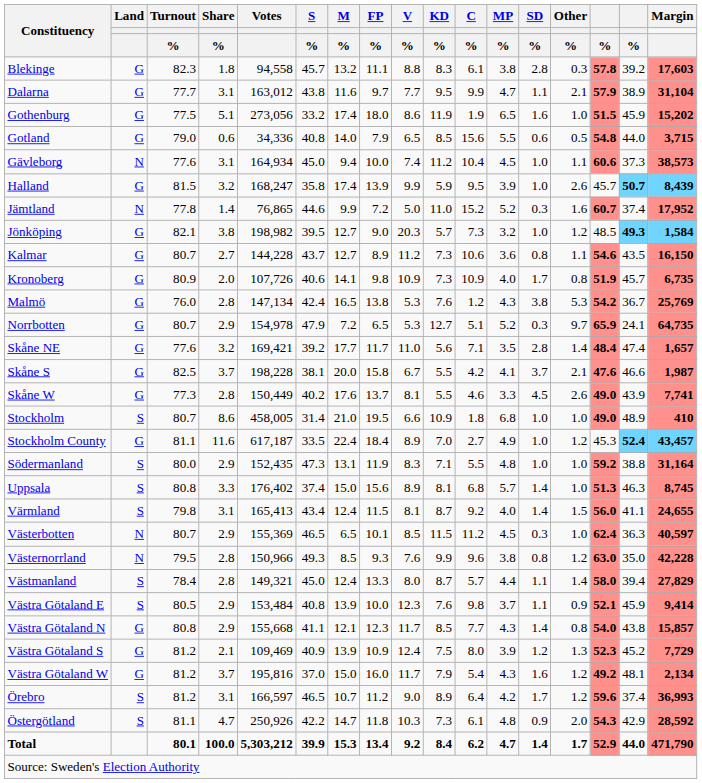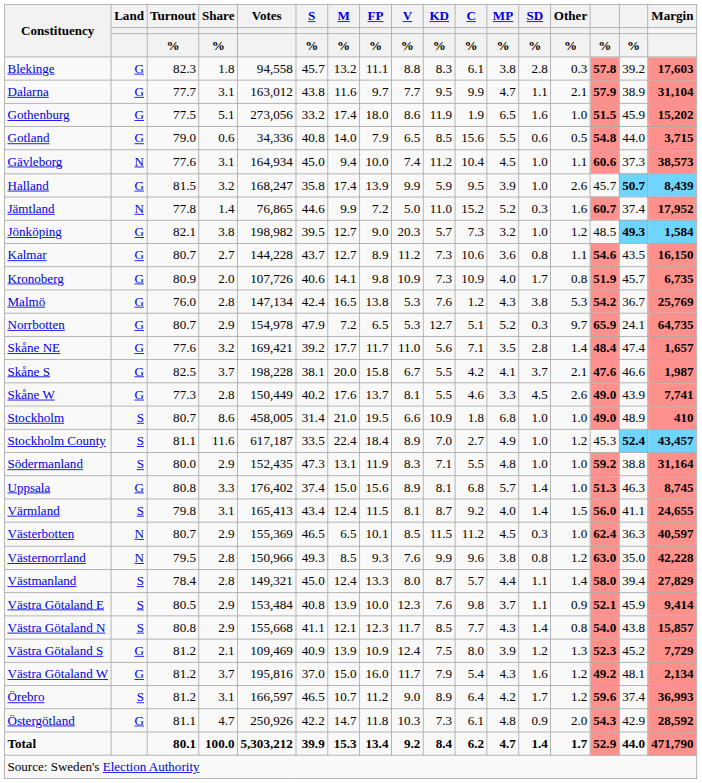 <table class="wikitable sortable" style="text-align:right; font-size:95%; line-height:20px;">
 <tr>
 <th rowspan="3">Constituency</th>
 <th>Land</th>
 <th>Turnout</th>
 <th>Share</th>
 <th>Votes</th>
 <th width="30px" class="unsortable"><a href='#'>S</a></th>
 <th width="30px" class="unsortable"><a href='#'>M</a></th>
 <th width="30px" class="unsortable"><a href='#'>FP</a></th>
 <th width="30px" class="unsortable"><a href='#'>V</a></th>
 <th width="30px" class="unsortable"><a href='#'>KD</a></th>
 <th width="30px" class="unsortable"><a href='#'>C</a></th>
 <th width="30px" class="unsortable"><a href='#'>MP</a></th>
 <th width="30px" class="unsortable"><a href='#'>SD</a></th>
 <th width="30px" class="unsortable">Other</th>
 <th></th>
 <th></th>
 <th>Margin</th>
 </tr>
 <tr>
 <th></th>
 <th></th>
 <th></th>
 <th></th>
 <th style="background:"></th>
 <th style="background:"></th>
 <th style="background:"></th>
 <th style="background:"></th>
 <th style="background:"></th>
 <th style="background:"></th>
 <th style="background:"></th>
 <th style="background:"></th>
 <th style="background:"></th>
 <th style="background:"></th>
 <th style="background:"></th>
 </tr>
 <tr>
 <th></th>
 <th data-sort-type="number">%</th>
 <th data-sort-type="number">%</th>
 <th></th>
 <th data-sort-type="number">%</th>
 <th data-sort-type="number">%</th>
 <th data-sort-type="number">%</th>
 <th data-sort-type="number">%</th>
 <th data-sort-type="number">%</th>
 <th data-sort-type="number">%</th>
 <th data-sort-type="number">%</th>
 <th data-sort-type="number">%</th>
 <th data-sort-type="number">%</th>
 <th data-sort-type="number">%</th>
 <th data-sort-type="number">%</th>
 <th data-sort-type="number"></th>
 </tr>
 <tr>
 <td align=left><a href='#'>Blekinge</a></td>
 <td><a href='#'>G</a></td>
 <td>82.3</td>
 <td>1.8</td>
 <td>94,558</td>
 <td>45.7</td>
 <td>13.2</td>
 <td>11.1</td>
 <td>8.8</td>
 <td>8.3</td>
 <td>6.1</td>
 <td>3.8</td>
 <td>2.8</td>
 <td>0.3</td>
 <td bgcolor=#ff908c><strong>57.8</strong></td>
 <td>39.2</td>
 <td bgcolor=#ff908c><strong>17,603</strong></td>
 </tr>
 <tr>
 <td align=left><a href='#'>Dalarna</a></td>
 <td><a href='#'>G</a></td>
 <td>77.7</td>
 <td>3.1</td>
 <td>163,012</td>
 <td>43.8</td>
 <td>11.6</td>
 <td>9.7</td>
 <td>7.7</td>
 <td>9.5</td>
 <td>9.9</td>
 <td>4.7</td>
 <td>1.1</td>
 <td>2.1</td>
 <td bgcolor=#ff908c><strong>57.9</strong></td>
 <td>38.9</td>
 <td bgcolor=#ff908c><strong>31,104</strong></td>
 </tr>
 <tr>
 <td align=left><a href='#'>Gothenburg</a></td>
 <td><a href='#'>G</a></td>
 <td>77.5</td>
 <td>5.1</td>
 <td>273,056</td>
 <td>33.2</td>
 <td>17.4</td>
 <td>18.0</td>
 <td>8.6</td>
 <td>11.9</td>
 <td>1.9</td>
 <td>6.5</td>
 <td>1.6</td>
 <td>1.0</td>
 <td bgcolor=#ff908c><strong>51.5</strong></td>
 <td>45.9</td>
 <td bgcolor=#ff908c><strong>15,202</strong></td>
 </tr>
 <tr>
 <td align=left><a href='#'>Gotland</a></td>
 <td><a href='#'>G</a></td>
 <td>79.0</td>
 <td>0.6</td>
 <td>34,336</td>
 <td>40.8</td>
 <td>14.0</td>
 <td>7.9</td>
 <td>6.5</td>
 <td>8.5</td>
 <td>15.6</td>
 <td>5.5</td>
 <td>0.6</td>
 <td>0.5</td>
 <td bgcolor=#ff908c><strong>54.8</strong></td>
 <td>44.0</td>
 <td bgcolor=#ff908c><strong>3,715</strong></td>
 </tr>
 <tr>
 <td align=left><a href='#'>Gävleborg</a></td>
 <td><a href='#'>N</a></td>
 <td>77.6</td>
 <td>3.1</td>
 <td>164,934</td>
 <td>45.0</td>
 <td>9.4</td>
 <td>10.0</td>
 <td>7.4</td>
 <td>11.2</td>
 <td>10.4</td>
 <td>4.5</td>
 <td>1.0</td>
 <td>1.1</td>
 <td bgcolor=#ff908c><strong>60.6</strong></td>
 <td>37.3</td>
 <td bgcolor=#ff908c><strong>38,573</strong></td>
 </tr>
 <tr>
 <td align=left><a href='#'>Halland</a></td>
 <td><a href='#'>G</a></td>
 <td>81.5</td>
 <td>3.2</td>
 <td>168,247</td>
 <td>35.8</td>
 <td>17.4</td>
 <td>13.9</td>
 <td>9.9</td>
 <td>5.9</td>
 <td>9.5</td>
 <td>3.9</td>
 <td>1.0</td>
 <td>2.6</td>
 <td>45.7</td>
 <td bgcolor=#6fd5fe><strong>50.7</strong></td>
 <td bgcolor=#6fd5fe><strong>8,439</strong></td>
 </tr>
 <tr>
 <td align=left><a href='#'>Jämtland</a></td>
 <td><a href='#'>N</a></td>
 <td>77.8</td>
 <td>1.4</td>
 <td>76,865</td>
 <td>44.6</td>
 <td>9.9</td>
 <td>7.2</td>
 <td>5.0</td>
 <td>11.0</td>
 <td>15.2</td>
 <td>5.2</td>
 <td>0.3</td>
 <td>1.6</td>
 <td bgcolor=#ff908c><strong>60.7</strong></td>
 <td>37.4</td>
 <td bgcolor=#ff908c><strong>17,952</strong></td>
 </tr>
 <tr>
 <td align=left><a href='#'>Jönköping</a></td>
 <td><a href='#'>G</a></td>
 <td>82.1</td>
 <td>3.8</td>
 <td>198,982</td>
 <td>39.5</td>
 <td>12.7</td>
 <td>9.0</td>
 <td>20.3</td>
 <td>5.7</td>
 <td>7.3</td>
 <td>3.2</td>
 <td>1.0</td>
 <td>1.2</td>
 <td>48.5</td>
 <td bgcolor=#6fd5fe><strong>49.3</strong></td>
 <td bgcolor=#6fd5fe><strong>1,584</strong></td>
 </tr>
 <tr>
 <td align=left><a href='#'>Kalmar</a></td>
 <td><a href='#'>G</a></td>
 <td>80.7</td>
 <td>2.7</td>
 <td>144,228</td>
 <td>43.7</td>
 <td>12.7</td>
 <td>8.9</td>
 <td>11.2</td>
 <td>7.3</td>
 <td>10.6</td>
 <td>3.6</td>
 <td>0.8</td>
 <td>1.1</td>
 <td bgcolor=#ff908c><strong>54.6</strong></td>
 <td>43.5</td>
 <td bgcolor=#ff908c><strong>16,150</strong></td>
 </tr>
 <tr>
 <td align=left><a href='#'>Kronoberg</a></td>
 <td><a href='#'>G</a></td>
 <td>80.9</td>
 <td>2.0</td>
 <td>107,726</td>
 <td>40.6</td>
 <td>14.1</td>
 <td>9.8</td>
 <td>10.9</td>
 <td>7.3</td>
 <td>10.9</td>
 <td>4.0</td>
 <td>1.7</td>
 <td>0.8</td>
 <td bgcolor=#ff908c><strong>51.9</strong></td>
 <td>45.7</td>
 <td bgcolor=#ff908c><strong>6,735</strong></td>
 </tr>
 <tr>
 <td align=left><a href='#'>Malmö</a></td>
 <td><a href='#'>G</a></td>
 <td>76.0</td>
 <td>2.8</td>
 <td>147,134</td>
 <td>42.4</td>
 <td>16.5</td>
 <td>13.8</td>
 <td>5.3</td>
 <td>7.6</td>
 <td>1.2</td>
 <td>4.3</td>
 <td>3.8</td>
 <td>5.3</td>
 <td bgcolor=#ff908c><strong>54.2</strong></td>
 <td>36.7</td>
 <td bgcolor=#ff908c><strong>25,769</strong></td>
 </tr>
 <tr>
 <td align=left><a href='#'>Norrbotten</a></td>
 <td><a href='#'>G</a></td>
 <td>80.7</td>
 <td>2.9</td>
 <td>154,978</td>
 <td>47.9</td>
 <td>7.2</td>
 <td>6.5</td>
 <td>5.3</td>
 <td>12.7</td>
 <td>5.1</td>
 <td>5.2</td>
 <td>0.3</td>
 <td>9.7</td>
 <td bgcolor=#ff908c><strong>65.9</strong></td>
 <td>24.1</td>
 <td bgcolor=#ff908c><strong>64,735</strong></td>
 </tr>
 <tr>
 <td align=left><a href='#'>Skåne NE</a></td>
 <td><a href='#'>G</a></td>
 <td>77.6</td>
 <td>3.2</td>
 <td>169,421</td>
 <td>39.2</td>
 <td>17.7</td>
 <td>11.7</td>
 <td>11.0</td>
 <td>5.6</td>
 <td>7.1</td>
 <td>3.5</td>
 <td>2.8</td>
 <td>1.4</td>
 <td bgcolor=#ff908c><strong>48.4</strong></td>
 <td>47.4</td>
 <td bgcolor=#ff908c><strong>1,657</strong></td>
 </tr>
 <tr>
 <td align=left><a href='#'>Skåne S</a></td>
 <td><a href='#'>G</a></td>
 <td>82.5</td>
 <td>3.7</td>
 <td>198,228</td>
 <td>38.1</td>
 <td>20.0</td>
 <td>15.8</td>
 <td>6.7</td>
 <td>5.5</td>
 <td>4.2</td>
 <td>4.1</td>
 <td>3.7</td>
 <td>2.1</td>
 <td bgcolor=#ff908c><strong>47.6</strong></td>
 <td>46.6</td>
 <td bgcolor=#ff908c><strong>1,987</strong></td>
 </tr>
 <tr>
 <td align=left><a href='#'>Skåne W</a></td>
 <td><a href='#'>G</a></td>
 <td>77.3</td>
 <td>2.8</td>
 <td>150,449</td>
 <td>40.2</td>
 <td>17.6</td>
 <td>13.7</td>
 <td>8.1</td>
 <td>5.5</td>
 <td>4.6</td>
 <td>3.3</td>
 <td>4.5</td>
 <td>2.6</td>
 <td bgcolor=#ff908c><strong>49.0</strong></td>
 <td>43.9</td>
 <td bgcolor=#ff908c><strong>7,741</strong></td>
 </tr>
 <tr>
 <td align=left><a href='#'>Stockholm</a></td>
 <td><a href='#'>S</a></td>
 <td>80.7</td>
 <td>8.6</td>
 <td>458,005</td>
 <td>31.4</td>
 <td>21.0</td>
 <td>19.5</td>
 <td>6.6</td>
 <td>10.9</td>
 <td>1.8</td>
 <td>6.8</td>
 <td>1.0</td>
 <td>1.0</td>
 <td bgcolor=#ff908c><strong>49.0</strong></td>
 <td>48.9</td>
 <td bgcolor=#ff908c><strong>410</strong></td>
 </tr>
 <tr>
 <td align=left><a href='#'>Stockholm County</a></td>
-<td><a href='#'>G</a></td>
+<td><a href='#'>S</a></td>
 <td>81.1</td>
 <td>11.6</td>
 <td>617,187</td>
 <td>33.5</td>
 <td>22.4</td>
 <td>18.4</td>
 <td>8.9</td>
 <td>7.0</td>
 <td>2.7</td>
 <td>4.9</td>
 <td>1.0</td>
 <td>1.2</td>
 <td>45.3</td>
 <td bgcolor=#6fd5fe><strong>52.4</strong></td>
 <td bgcolor=#6fd5fe><strong>43,457</strong></td>
 </tr>
 <tr>
 <td align=left><a href='#'>Södermanland</a></td>
 <td><a href='#'>S</a></td>
 <td>80.0</td>
 <td>2.9</td>
 <td>152,435</td>
 <td>47.3</td>
 <td>13.1</td>
 <td>11.9</td>
 <td>8.3</td>
 <td>7.1</td>
 <td>5.5</td>
 <td>4.8</td>
 <td>1.0</td>
 <td>1.0</td>
 <td bgcolor=#ff908c><strong>59.2</strong></td>
 <td>38.8</td>
 <td bgcolor=#ff908c><strong>31,164</strong></td>
 </tr>
 <tr>
 <td align=left><a href='#'>Uppsala</a></td>
-<td><a href='#'>S</a></td>
+<td><a href='#'>G</a></td>
 <td>80.8</td>
 <td>3.3</td>
 <td>176,402</td>
 <td>37.4</td>
 <td>15.0</td>
 <td>15.6</td>
 <td>8.9</td>
 <td>8.1</td>
 <td>6.8</td>
 <td>5.7</td>
 <td>1.4</td>
 <td>1.0</td>
 <td bgcolor=#ff908c><strong>51.3</strong></td>
 <td>46.3</td>
 <td bgcolor=#ff908c><strong>8,745</strong></td>
 </tr>
 <tr>
 <td align=left><a href='#'>Värmland</a></td>
 <td><a href='#'>S</a></td>
 <td>79.8</td>
 <td>3.1</td>
 <td>165,413</td>
 <td>43.4</td>
 <td>12.4</td>
 <td>11.5</td>
 <td>8.1</td>
 <td>8.7</td>
 <td>9.2</td>
 <td>4.0</td>
 <td>1.4</td>
 <td>1.5</td>
 <td bgcolor=#ff908c><strong>56.0</strong></td>
 <td>41.1</td>
 <td bgcolor=#ff908c><strong>24,655</strong></td>
 </tr>
 <tr>
 <td align=left><a href='#'>Västerbotten</a></td>
 <td><a href='#'>N</a></td>
 <td>80.7</td>
 <td>2.9</td>
 <td>155,369</td>
 <td>46.5</td>
 <td>6.5</td>
 <td>10.1</td>
 <td>8.5</td>
 <td>11.5</td>
 <td>11.2</td>
 <td>4.5</td>
 <td>0.3</td>
 <td>1.0</td>
 <td bgcolor=#ff908c><strong>62.4</strong></td>
 <td>36.3</td>
 <td bgcolor=#ff908c><strong>40,597</strong></td>
 </tr>
 <tr>
 <td align=left><a href='#'>Västernorrland</a></td>
 <td><a href='#'>N</a></td>
 <td>79.5</td>
 <td>2.8</td>
 <td>150,966</td>
 <td>49.3</td>
 <td>8.5</td>
 <td>9.3</td>
 <td>7.6</td>
 <td>9.9</td>
 <td>9.6</td>
 <td>3.8</td>
 <td>0.8</td>
 <td>1.2</td>
 <td bgcolor=#ff908c><strong>63.0</strong></td>
 <td>35.0</td>
 <td bgcolor=#ff908c><strong>42,228</strong></td>
 </tr>
 <tr>
 <td align=left><a href='#'>Västmanland</a></td>
 <td><a href='#'>S</a></td>
 <td>78.4</td>
 <td>2.8</td>
 <td>149,321</td>
 <td>45.0</td>
 <td>12.4</td>
 <td>13.3</td>
 <td>8.0</td>
 <td>8.7</td>
 <td>5.7</td>
 <td>4.4</td>
 <td>1.1</td>
 <td>1.4</td>
 <td bgcolor=#ff908c><strong>58.0</strong></td>
 <td>39.4</td>
 <td bgcolor=#ff908c><strong>27,829</strong></td>
 </tr>
 <tr>
 <td align=left><a href='#'>Västra Götaland E</a></td>
 <td><a href='#'>S</a></td>
 <td>80.5</td>
 <td>2.9</td>
 <td>153,484</td>
 <td>40.8</td>
 <td>13.9</td>
 <td>10.0</td>
 <td>12.3</td>
 <td>7.6</td>
 <td>9.8</td>
 <td>3.7</td>
 <td>1.1</td>
 <td>0.9</td>
 <td bgcolor=#ff908c><strong>52.1</strong></td>
 <td>45.9</td>
 <td bgcolor=#ff908c><strong>9,414</strong></td>
 </tr>
 <tr>
 <td align=left><a href='#'>Västra Götaland N</a></td>
-<td><a href='#'>G</a></td>
+<td><a href='#'>S</a></td>
 <td>80.8</td>
 <td>2.9</td>
 <td>155,668</td>
 <td>41.1</td>
 <td>12.1</td>
 <td>12.3</td>
 <td>11.7</td>
 <td>8.5</td>
 <td>7.7</td>
 <td>4.3</td>
 <td>1.4</td>
 <td>0.8</td>
 <td bgcolor=#ff908c><strong>54.0</strong></td>
 <td>43.8</td>
 <td bgcolor=#ff908c><strong>15,857</strong></td>
 </tr>
 <tr>
 <td align=left><a href='#'>Västra Götaland S</a></td>
 <td><a href='#'>G</a></td>
 <td>81.2</td>
 <td>2.1</td>
 <td>109,469</td>
 <td>40.9</td>
 <td>13.9</td>
 <td>10.9</td>
 <td>12.4</td>
 <td>7.5</td>
 <td>8.0</td>
 <td>3.9</td>
 <td>1.2</td>
 <td>1.3</td>
 <td bgcolor=#ff908c><strong>52.3</strong></td>
 <td>45.2</td>
 <td bgcolor=#ff908c><strong>7,729</strong></td>
 </tr>
 <tr>
 <td align=left><a href='#'>Västra Götaland W</a></td>
 <td><a href='#'>G</a></td>
 <td>81.2</td>
 <td>3.7</td>
 <td>195,816</td>
 <td>37.0</td>
 <td>15.0</td>
 <td>16.0</td>
 <td>11.7</td>
 <td>7.9</td>
 <td>5.4</td>
 <td>4.3</td>
 <td>1.6</td>
 <td>1.2</td>
 <td bgcolor=#ff908c><strong>49.2</strong></td>
 <td>48.1</td>
 <td bgcolor=#ff908c><strong>2,134</strong></td>
 </tr>
 <tr>
 <td align=left><a href='#'>Örebro</a></td>
 <td><a href='#'>S</a></td>
 <td>81.2</td>
 <td>3.1</td>
 <td>166,597</td>
 <td>46.5</td>
 <td>10.7</td>
 <td>11.2</td>
 <td>9.0</td>
 <td>8.9</td>
 <td>6.4</td>
 <td>4.2</td>
 <td>1.7</td>
 <td>1.2</td>
 <td bgcolor=#ff908c><strong>59.6</strong></td>
 <td>37.4</td>
 <td bgcolor=#ff908c><strong>36,993</strong></td>
 </tr>
 <tr>
 <td align=left><a href='#'>Östergötland</a></td>
-<td><a href='#'>S</a></td>
+<td><a href='#'>G</a></td>
 <td>81.1</td>
 <td>4.7</td>
 <td>250,926</td>
 <td>42.2</td>
 <td>14.7</td>
 <td>11.8</td>
 <td>10.3</td>
 <td>7.3</td>
 <td>6.1</td>
 <td>4.8</td>
 <td>0.9</td>
 <td>2.0</td>
 <td bgcolor=#ff908c><strong>54.3</strong></td>
 <td>42.9</td>
 <td bgcolor=#ff908c><strong>28,592</strong></td>
 </tr>
 <tr>
 <td align=left><strong>Total</strong></td>
 <td></td>
 <td><strong>80.1</strong></td>
 <td><strong>100.0</strong></td>
 <td><strong>5,303,212</strong></td>
 <td><strong>39.9</strong></td>
 <td><strong>15.3</strong></td>
 <td><strong>13.4</strong></td>
 <td><strong>9.2</strong></td>
 <td><strong>8.4</strong></td>
 <td><strong>6.2</strong></td>
 <td><strong>4.7</strong></td>
 <td><strong>1.4</strong></td>
 <td><strong>1.7</strong></td>
 <td bgcolor=#ff908c><strong>52.9</strong></td>
 <td><strong>44.0</strong></td>
 <td bgcolor=#ff908c><strong>471,790</strong></td>
 </tr>
 <tr>
 <td align=left colspan=17>Source: Sweden's <a href='#'>Election Authority</a></td>
 </tr>
 </table>
